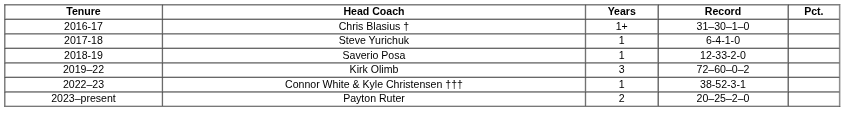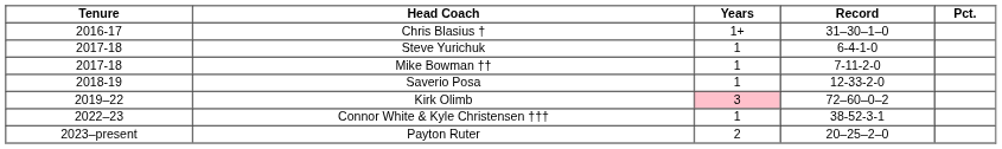 <table cellpadding="1" border="1" cellspacing="0" width="80%">
 <tr>
 <th>Tenure</th>
 <th>Head Coach</th>
 <th>Years</th>
 <th>Record</th>
 <th>Pct.</th>
 </tr>
 <tr align="center">
 <td>2016-17</td>
 <td>Chris Blasius  †</td>
 <td>1+</td>
 <td>31–30–1–0</td>
 <td></td>
 </tr>
 <tr align="center">
 <td>2017-18</td>
 <td>Steve Yurichuk</td>
 <td>1</td>
 <td>6-4-1-0</td>
 <td></td>
 </tr>
 <tr align="center">
+<td>2017-18</td>
+<td>Mike Bowman ††</td>
+<td>1</td>
+<td>7-11-2-0</td>
+<td></td>
+</tr>
+<tr align="center">
 <td>2018-19</td>
 <td>Saverio Posa</td>
 <td>1</td>
 <td>12-33-2-0</td>
 <td></td>
 </tr>
 <tr align="center">
 <td>2019–22</td>
 <td>Kirk Olimb</td>
-<td>3</td>
+<td style="background: pink;">3</td>
 <td>72–60–0–2</td>
 <td></td>
 </tr>
 <tr align="center">
 <td>2022–23</td>
 <td>Connor White & Kyle Christensen †††</td>
 <td>1</td>
 <td>38-52-3-1</td>
 <td></td>
 </tr>
 <tr align="center">
 <td>2023–present</td>
 <td>Payton Ruter</td>
 <td>2</td>
 <td>20–25–2–0</td>
 <td></td>
 </tr>
 </table>
